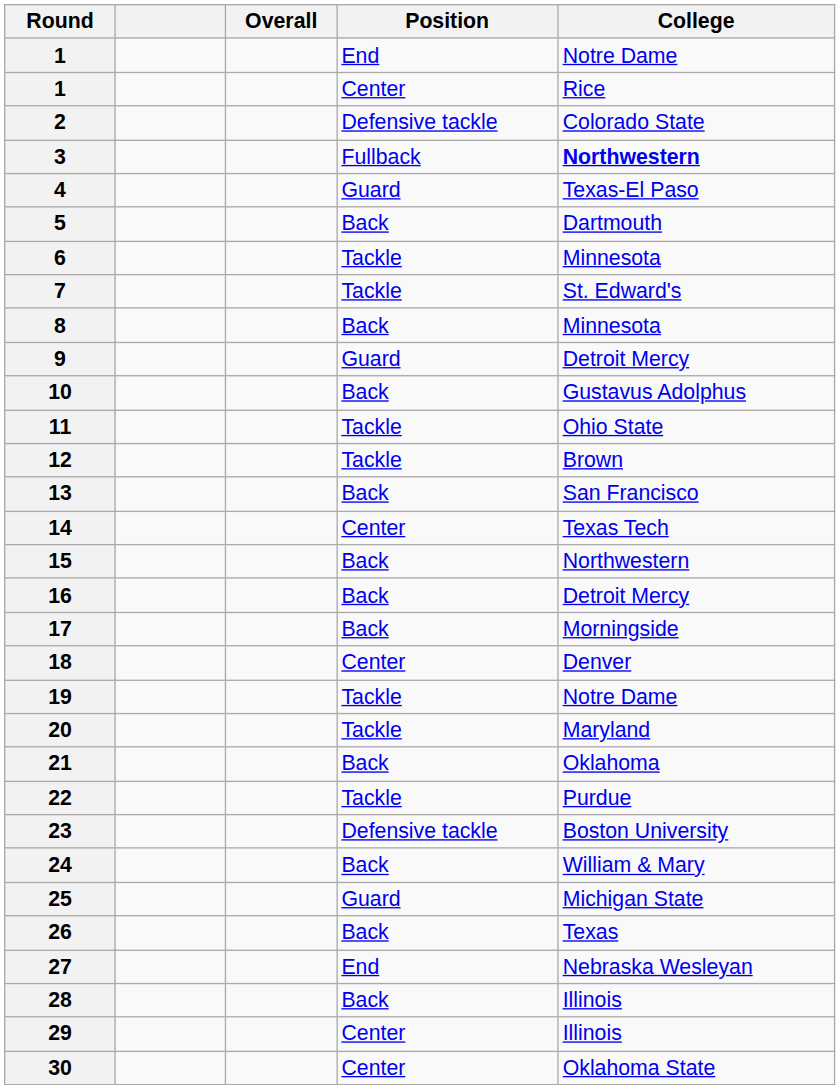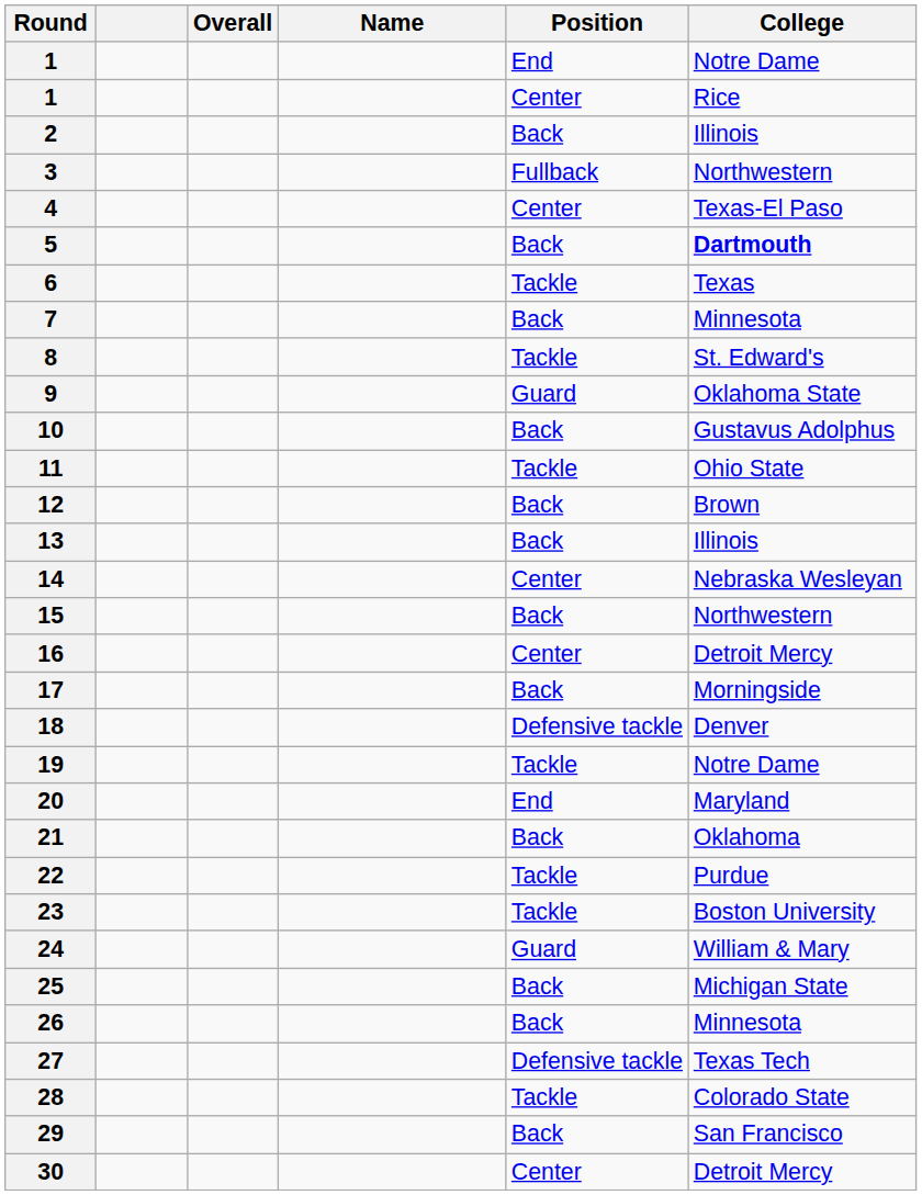 <table class="wikitable sortable">
 <tr>
 <th scope="col" style="width: 10%;">Round</th>
 <th scope="col" style="width: 10%;"></th>
 <th scope="col" style="width: 10%;">Overall</th>
+<th scope="col" style="width: 25%;">Name</th>
 <th scope="col" style="width: 20%;">Position</th>
 <th scope="col" style="width: 25%;">College</th>
 </tr>
 <tr>
 <th scope="row">1</th>
+<td></td>
 <td></td>
 <td></td>
 <td><a href='#'>End</a></td>
 <td><a href='#'>Notre Dame</a></td>
 </tr>
 <tr>
 <th scope="row">1</th>
 <td></td>
 <td></td>
+<td></td>
 <td><a href='#'>Center</a></td>
 <td><a href='#'>Rice</a></td>
 </tr>
 <tr>
 <th scope="row">2</th>
 <td></td>
 <td></td>
-<td><a href='#'>Defensive tackle</a></td>
-<td><a href='#'>Colorado State</a></td>
+<td></td>
+<td><a href='#'>Back</a></td>
+<td><a href='#'>Illinois</a></td>
 </tr>
 <tr>
 <th scope="row">3</th>
 <td></td>
 <td></td>
+<td></td>
 <td><a href='#'>Fullback</a></td>
-<td><strong><a href='#'>Northwestern</a></strong></td>
+<td><a href='#'>Northwestern</a></td>
 </tr>
 <tr>
 <th scope="row">4</th>
 <td></td>
 <td></td>
-<td><a href='#'>Guard</a></td>
+<td></td>
+<td><a href='#'>Center</a></td>
 <td><a href='#'>Texas-El Paso</a></td>
 </tr>
 <tr>
 <th scope="row">5</th>
 <td></td>
 <td></td>
+<td></td>
 <td><a href='#'>Back</a></td>
-<td><a href='#'>Dartmouth</a></td>
+<td><strong><a href='#'>Dartmouth</a></strong></td>
 </tr>
 <tr>
 <th scope="row">6</th>
 <td></td>
 <td></td>
+<td></td>
 <td><a href='#'>Tackle</a></td>
+<td><a href='#'>Texas</a></td>
+</tr>
+<tr>
+<th scope="row">7</th>
+<td></td>
+<td></td>
+<td></td>
+<td><a href='#'>Back</a></td>
 <td><a href='#'>Minnesota</a></td>
 </tr>
 <tr>
-<th scope="row">7</th>
+<th scope="row">8</th>
+<td></td>
 <td></td>
 <td></td>
 <td><a href='#'>Tackle</a></td>
 <td><a href='#'>St. Edward's</a></td>
 </tr>
 <tr>
-<th scope="row">8</th>
-<td></td>
-<td></td>
-<td><a href='#'>Back</a></td>
-<td><a href='#'>Minnesota</a></td>
-</tr>
-<tr>
 <th scope="row">9</th>
 <td></td>
 <td></td>
+<td></td>
 <td><a href='#'>Guard</a></td>
-<td><a href='#'>Detroit Mercy</a></td>
+<td><a href='#'>Oklahoma State</a></td>
 </tr>
 <tr>
 <th scope="row">10</th>
+<td></td>
 <td></td>
 <td></td>
 <td><a href='#'>Back</a></td>
 <td><a href='#'>Gustavus Adolphus</a></td>
 </tr>
 <tr>
 <th scope="row">11</th>
 <td></td>
 <td></td>
+<td></td>
 <td><a href='#'>Tackle</a></td>
 <td><a href='#'>Ohio State</a></td>
 </tr>
 <tr>
 <th scope="row">12</th>
 <td></td>
 <td></td>
-<td><a href='#'>Tackle</a></td>
+<td></td>
+<td><a href='#'>Back</a></td>
 <td><a href='#'>Brown</a></td>
 </tr>
 <tr>
 <th scope="row">13</th>
 <td></td>
 <td></td>
+<td></td>
 <td><a href='#'>Back</a></td>
-<td><a href='#'>San Francisco</a></td>
+<td><a href='#'>Illinois</a></td>
 </tr>
 <tr>
 <th scope="row">14</th>
 <td></td>
 <td></td>
+<td></td>
 <td><a href='#'>Center</a></td>
-<td><a href='#'>Texas Tech</a></td>
+<td><a href='#'>Nebraska Wesleyan</a></td>
 </tr>
 <tr>
 <th scope="row">15</th>
+<td></td>
 <td></td>
 <td></td>
 <td><a href='#'>Back</a></td>
 <td><a href='#'>Northwestern</a></td>
 </tr>
 <tr>
 <th scope="row">16</th>
 <td></td>
 <td></td>
-<td><a href='#'>Back</a></td>
+<td></td>
+<td><a href='#'>Center</a></td>
 <td><a href='#'>Detroit Mercy</a></td>
 </tr>
 <tr>
 <th scope="row">17</th>
+<td></td>
 <td></td>
 <td></td>
 <td><a href='#'>Back</a></td>
 <td><a href='#'>Morningside</a></td>
 </tr>
 <tr>
 <th scope="row">18</th>
 <td></td>
 <td></td>
-<td><a href='#'>Center</a></td>
+<td></td>
+<td><a href='#'>Defensive tackle</a></td>
 <td><a href='#'>Denver</a></td>
 </tr>
 <tr>
 <th scope="row">19</th>
+<td></td>
 <td></td>
 <td></td>
 <td><a href='#'>Tackle</a></td>
 <td><a href='#'>Notre Dame</a></td>
 </tr>
 <tr>
 <th scope="row">20</th>
 <td></td>
 <td></td>
-<td><a href='#'>Tackle</a></td>
+<td></td>
+<td><a href='#'>End</a></td>
 <td><a href='#'>Maryland</a></td>
 </tr>
 <tr>
 <th scope="row">21</th>
+<td></td>
 <td></td>
 <td></td>
 <td><a href='#'>Back</a></td>
 <td><a href='#'>Oklahoma</a></td>
 </tr>
 <tr>
 <th scope="row">22</th>
 <td></td>
 <td></td>
+<td></td>
 <td><a href='#'>Tackle</a></td>
 <td><a href='#'>Purdue</a></td>
 </tr>
 <tr>
 <th scope="row">23</th>
 <td></td>
 <td></td>
-<td><a href='#'>Defensive tackle</a></td>
+<td></td>
+<td><a href='#'>Tackle</a></td>
 <td><a href='#'>Boston University</a></td>
 </tr>
 <tr>
 <th scope="row">24</th>
 <td></td>
 <td></td>
-<td><a href='#'>Back</a></td>
+<td></td>
+<td><a href='#'>Guard</a></td>
 <td><a href='#'>William & Mary</a></td>
 </tr>
 <tr>
 <th scope="row">25</th>
 <td></td>
 <td></td>
-<td><a href='#'>Guard</a></td>
+<td></td>
+<td><a href='#'>Back</a></td>
 <td><a href='#'>Michigan State</a></td>
 </tr>
 <tr>
 <th scope="row">26</th>
 <td></td>
 <td></td>
+<td></td>
 <td><a href='#'>Back</a></td>
-<td><a href='#'>Texas</a></td>
+<td><a href='#'>Minnesota</a></td>
 </tr>
 <tr>
 <th scope="row">27</th>
 <td></td>
 <td></td>
-<td><a href='#'>End</a></td>
-<td><a href='#'>Nebraska Wesleyan</a></td>
+<td></td>
+<td><a href='#'>Defensive tackle</a></td>
+<td><a href='#'>Texas Tech</a></td>
 </tr>
 <tr>
 <th scope="row">28</th>
 <td></td>
 <td></td>
-<td><a href='#'>Back</a></td>
-<td><a href='#'>Illinois</a></td>
+<td></td>
+<td><a href='#'>Tackle</a></td>
+<td><a href='#'>Colorado State</a></td>
 </tr>
 <tr>
 <th scope="row">29</th>
 <td></td>
 <td></td>
-<td><a href='#'>Center</a></td>
-<td><a href='#'>Illinois</a></td>
+<td></td>
+<td><a href='#'>Back</a></td>
+<td><a href='#'>San Francisco</a></td>
 </tr>
 <tr>
 <th scope="row">30</th>
 <td></td>
 <td></td>
+<td></td>
 <td><a href='#'>Center</a></td>
-<td><a href='#'>Oklahoma State</a></td>
+<td><a href='#'>Detroit Mercy</a></td>
 </tr>
 </table>
